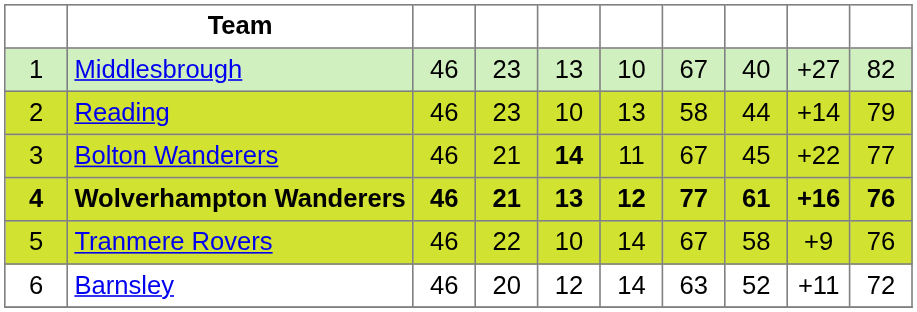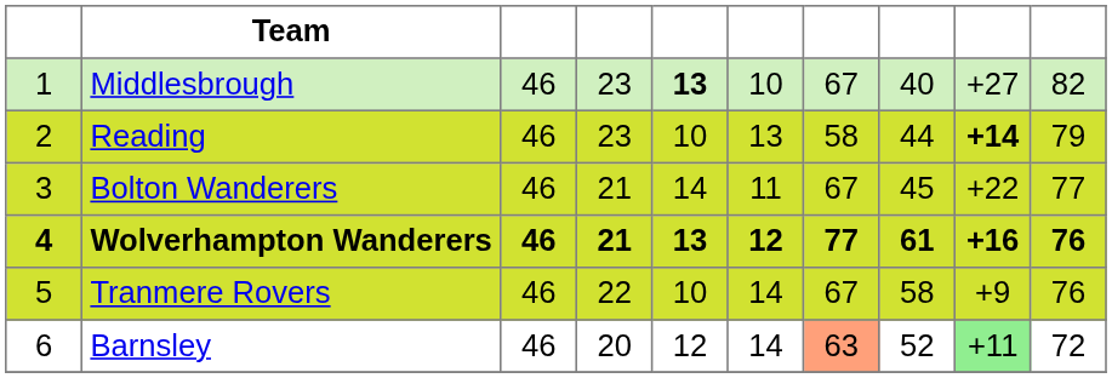 <table class="toccolours" border="1" cellpadding="4" cellspacing="0" style="text-align:center; border-collapse: collapse; margin:0;">
 <tr>
 <th width=30></th>
 <th>Team</th>
 <th width="30"></th>
 <th width="30"></th>
 <th width="30"></th>
 <th width="30"></th>
 <th width="30"></th>
 <th width="30"></th>
 <th width="30"></th>
 <th width="30"></th>
 </tr>
 <tr bgcolor="#D0F0C0">
 <td>1</td>
 <td align=left><a href='#'>Middlesbrough</a></td>
 <td>46</td>
 <td>23</td>
-<td>13</td>
+<td><strong>13</strong></td>
 <td>10</td>
 <td>67</td>
 <td>40</td>
 <td>+27</td>
 <td>82</td>
 </tr>
 <tr bgcolor="#D1E231">
 <td>2</td>
 <td align=left><a href='#'>Reading</a></td>
 <td>46</td>
 <td>23</td>
 <td>10</td>
 <td>13</td>
 <td>58</td>
 <td>44</td>
-<td>+14</td>
+<td><strong>+14</strong></td>
 <td>79</td>
 </tr>
 <tr bgcolor="#D1E231">
 <td>3</td>
 <td align=left><a href='#'>Bolton Wanderers</a></td>
 <td>46</td>
 <td>21</td>
-<td><strong>14</strong></td>
+<td>14</td>
 <td>11</td>
 <td>67</td>
 <td>45</td>
 <td>+22</td>
 <td>77</td>
 </tr>
 <tr bgcolor="#D1E231">
 <td><strong>4</strong></td>
 <td align=left><strong>Wolverhampton Wanderers</strong></td>
 <td><strong>46</strong></td>
 <td><strong>21</strong></td>
 <td><strong>13</strong></td>
 <td><strong>12</strong></td>
 <td><strong>77</strong></td>
 <td><strong>61</strong></td>
 <td><strong>+16</strong></td>
 <td><strong>76</strong></td>
 </tr>
 <tr bgcolor="#D1E231">
 <td>5</td>
 <td align=left><a href='#'>Tranmere Rovers</a></td>
 <td>46</td>
 <td>22</td>
 <td>10</td>
 <td>14</td>
 <td>67</td>
 <td>58</td>
 <td>+9</td>
 <td>76</td>
 </tr>
 <tr>
 <td>6</td>
 <td align=left><a href='#'>Barnsley</a></td>
 <td>46</td>
 <td>20</td>
 <td>12</td>
 <td>14</td>
-<td>63</td>
+<td style="background: lightsalmon;">63</td>
 <td>52</td>
-<td>+11</td>
+<td style="background: lightgreen;">+11</td>
 <td>72</td>
 </tr>
 <tr>
 </tr>
 </table>
